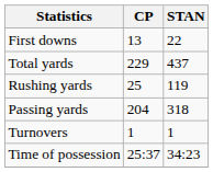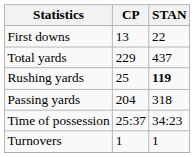 <table class="wikitable" style="float: left;">
 <tr>
 <th>Statistics</th>
 <th>CP</th>
 <th>STAN</th>
 </tr>
 <tr>
 <td>First downs</td>
 <td>13</td>
 <td>22</td>
 </tr>
 <tr>
 <td>Total yards</td>
 <td>229</td>
 <td>437</td>
 </tr>
 <tr>
 <td>Rushing yards</td>
 <td>25</td>
-<td>119</td>
+<td><strong>119</strong></td>
 </tr>
 <tr>
 <td>Passing yards</td>
 <td>204</td>
 <td>318</td>
 </tr>
 <tr>
+<td>Time of possession</td>
+<td>25:37</td>
+<td>34:23</td>
+</tr>
+<tr>
 <td>Turnovers</td>
 <td>1</td>
 <td>1</td>
 </tr>
 <tr>
-<td>Time of possession</td>
-<td>25:37</td>
-<td>34:23</td>
-</tr>
-<tr>
 </tr>
 </table>
